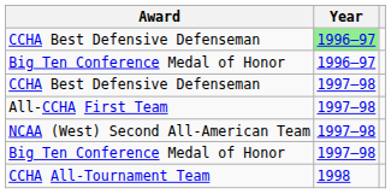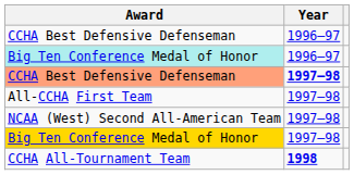 <table class="wikitable">
 <tr>
 <th>Award</th>
 <th>Year</th>
 <th></th>
 </tr>
 <tr>
 <td><a href='#'>CCHA</a> Best Defensive Defenseman</td>
-<td style="background: lightgreen;"><a href='#'>1996–97</a></td>
-<td></td>
-</tr>
-<tr>
-<td><a href='#'>Big Ten Conference</a> Medal of Honor</td>
 <td><a href='#'>1996–97</a></td>
 <td></td>
 </tr>
 <tr>
-<td><a href='#'>CCHA</a> Best Defensive Defenseman</td>
-<td><a href='#'>1997–98</a></td>
+<td style="background: paleturquoise;"><a href='#'>Big Ten Conference</a> Medal of Honor</td>
+<td><a href='#'>1996–97</a></td>
+<td></td>
+</tr>
+<tr>
+<td style="background: lightsalmon;"><a href='#'>CCHA</a> Best Defensive Defenseman</td>
+<td><strong><a href='#'>1997–98</a></strong></td>
 <td></td>
 </tr>
 <tr>
 <td>All-<a href='#'>CCHA</a> <a href='#'>First Team</a></td>
 <td><a href='#'>1997–98</a></td>
 <td></td>
 </tr>
 <tr>
 <td><a href='#'>NCAA</a> (West) Second All-American Team</td>
 <td><a href='#'>1997–98</a></td>
 <td></td>
 </tr>
 <tr>
-<td><a href='#'>Big Ten Conference</a> Medal of Honor</td>
+<td style="background: gold;"><a href='#'>Big Ten Conference</a> Medal of Honor</td>
 <td><a href='#'>1997–98</a></td>
 <td></td>
 </tr>
 <tr>
 <td><a href='#'>CCHA</a> <a href='#'>All-Tournament Team</a></td>
-<td><a href='#'>1998</a></td>
+<td><strong><a href='#'>1998</a></strong></td>
 <td></td>
 </tr>
 </table>
